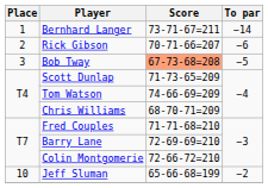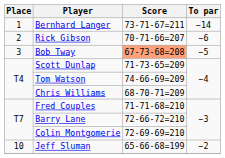 <table class="wikitable">
 <tr>
 <th>Place</th>
 <th>Player</th>
 <th>Score</th>
 <th>To par</th>
 </tr>
 <tr>
 <td align=center>1</td>
 <td> <a href='#'>Bernhard Langer</a></td>
 <td>73-71-67=211</td>
 <td align=center>−14</td>
 </tr>
 <tr>
 <td align=center>2</td>
 <td> <a href='#'>Rick Gibson</a></td>
 <td>70-71-66=207</td>
 <td align=center>−6</td>
 </tr>
 <tr>
 <td align=center>3</td>
 <td> <a href='#'>Bob Tway</a></td>
 <td style="background: lightsalmon;">67-73-68=208</td>
 <td align=center>−5</td>
 </tr>
 <tr>
 <td rowspan=3 align=center>T4</td>
 <td> <a href='#'>Scott Dunlap</a></td>
 <td>71-73-65=209</td>
 <td align=center rowspan=3>−4</td>
 </tr>
 <tr>
 <td> <a href='#'>Tom Watson</a></td>
 <td>74-66-69=209</td>
 </tr>
 <tr>
 <td> <a href='#'>Chris Williams</a></td>
 <td>68-70-71=209</td>
 </tr>
 <tr>
 <td rowspan=3 align=center>T7</td>
 <td> <a href='#'>Fred Couples</a></td>
 <td>71-71-68=210</td>
 <td align=center rowspan=3>−3</td>
 </tr>
 <tr>
 <td> <a href='#'>Barry Lane</a></td>
-<td>72-69-69=210</td>
+<td>72-66-72=210</td>
 </tr>
 <tr>
 <td> <a href='#'>Colin Montgomerie</a></td>
-<td>72-66-72=210</td>
+<td>72-69-69=210</td>
 </tr>
 <tr>
 <td align=center>10</td>
 <td> <a href='#'>Jeff Sluman</a></td>
 <td>65-66-68=199</td>
 <td align=center>−2</td>
 </tr>
 <tr>
 </tr>
 </table>
